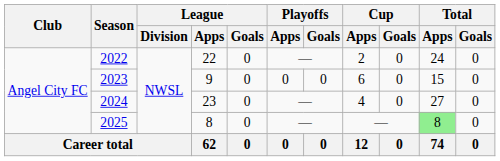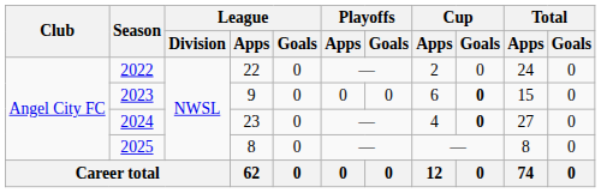 <table class="wikitable" style="text-align: center;">
 <tr>
 <th rowspan="2">Club</th>
 <th rowspan="2">Season</th>
 <th colspan="3">League</th>
 <th colspan="2">Playoffs</th>
 <th colspan="2">Cup</th>
 <th colspan="2">Total</th>
 </tr>
 <tr>
 <th>Division</th>
 <th>Apps</th>
 <th>Goals</th>
 <th>Apps</th>
 <th>Goals</th>
 <th>Apps</th>
 <th>Goals</th>
 <th>Apps</th>
 <th>Goals</th>
 </tr>
 <tr>
 <td rowspan="4"><a href='#'>Angel City FC</a></td>
 <td><a href='#'>2022</a></td>
 <td rowspan="4"><a href='#'>NWSL</a></td>
 <td>22</td>
 <td>0</td>
 <td colspan="2">—</td>
 <td>2</td>
 <td>0</td>
 <td>24</td>
 <td>0</td>
 </tr>
 <tr>
 <td><a href='#'>2023</a></td>
 <td>9</td>
 <td>0</td>
 <td>0</td>
 <td>0</td>
 <td>6</td>
-<td>0</td>
+<td><strong>0</strong></td>
 <td>15</td>
 <td>0</td>
 </tr>
 <tr>
 <td><a href='#'>2024</a></td>
 <td>23</td>
 <td>0</td>
 <td colspan="2">—</td>
 <td>4</td>
-<td>0</td>
+<td><strong>0</strong></td>
 <td>27</td>
 <td>0</td>
 </tr>
 <tr>
 <td><a href='#'>2025</a></td>
 <td>8</td>
 <td>0</td>
 <td colspan="2">—</td>
 <td colspan="2">—</td>
-<td style="background: lightgreen;">8</td>
+<td>8</td>
 <td>0</td>
 </tr>
 <tr>
 <th colspan="3">Career total</th>
 <th>62</th>
 <th>0</th>
 <th>0</th>
 <th>0</th>
 <th>12</th>
 <th>0</th>
 <th>74</th>
 <th>0</th>
 </tr>
 </table>
